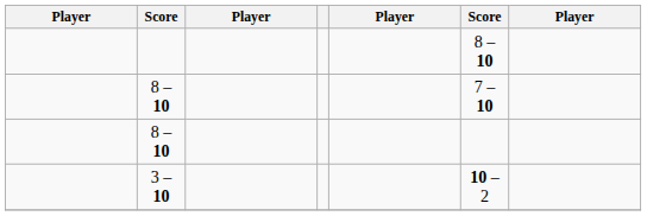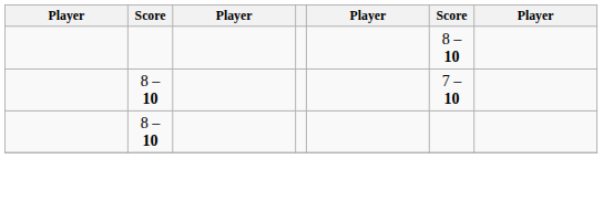 <table class="wikitable">
 <tr style="font-size:10pt;font-weight:bold">
 <th width=230>Player</th>
 <th width=50>Score</th>
 <th width=230>Player</th>
 <th width=10></th>
 <th width=230>Player</th>
 <th width=50>Score</th>
 <th width=230>Player</th>
 </tr>
 <tr>
 <td></td>
 <td align=center></td>
 <td></td>
 <td></td>
 <td></td>
 <td align=center>8 – <strong>10</strong></td>
 <td></td>
 </tr>
 <tr>
 <td></td>
 <td align=center>8 – <strong>10</strong></td>
 <td></td>
 <td></td>
 <td></td>
 <td align=center>7 – <strong>10</strong></td>
 <td></td>
 </tr>
 <tr>
 <td></td>
 <td align=center>8 – <strong>10</strong></td>
 <td></td>
 <td></td>
 <td></td>
 <td align=center></td>
 <td></td>
 </tr>
 <tr>
-<td></td>
-<td align=center>3 – <strong>10</strong></td>
-<td></td>
-<td></td>
-<td></td>
-<td align=center><strong>10</strong> – 2</td>
-<td></td>
-</tr>
-<tr>
 </tr>
 </table>
